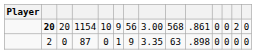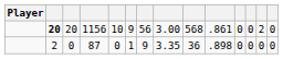 <table class="wikitable sortable" style="text-align:center;">
 <tr>
 <th>Player</th>
 <th></th>
 <th></th>
 <th></th>
 <th></th>
 <th></th>
 <th></th>
 <th></th>
 <th></th>
 <th></th>
 <th></th>
 <th></th>
 <th></th>
 <th></th>
 </tr>
 <tr align=center>
 <td></td>
 <td><strong>20</strong></td>
 <td>20</td>
-<td>1154</td>
+<td>1156</td>
 <td>10</td>
 <td>9</td>
 <td>56</td>
 <td>3.00</td>
 <td>568</td>
 <td>.861</td>
 <td>0</td>
 <td>0</td>
 <td>2</td>
 <td>0</td>
 </tr>
 <tr>
 <td></td>
 <td>2</td>
 <td>0</td>
 <td>87</td>
 <td>0</td>
 <td>1</td>
 <td>9</td>
 <td>3.35</td>
-<td>63</td>
+<td>36</td>
 <td>.898</td>
 <td>0</td>
 <td>0</td>
 <td>0</td>
 <td>0</td>
 </tr>
 </table>
